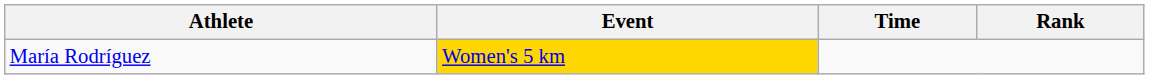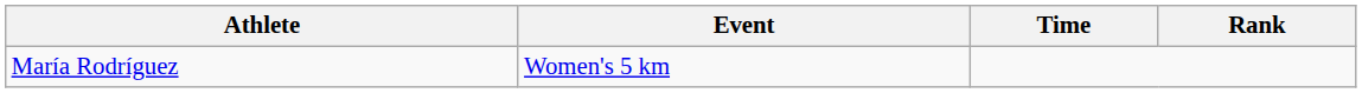 <table class="wikitable" style="text-align:center; font-size:90%; width:50%;">
 <tr>
 <th>Athlete</th>
 <th>Event</th>
 <th>Time</th>
 <th>Rank</th>
 </tr>
 <tr>
 <td align=left><a href='#'>María Rodríguez</a></td>
-<td align=left style="background: gold;"><a href='#'>Women's 5 km</a></td>
+<td align=left><a href='#'>Women's 5 km</a></td>
 <td colspan=2></td>
 </tr>
 </table>
